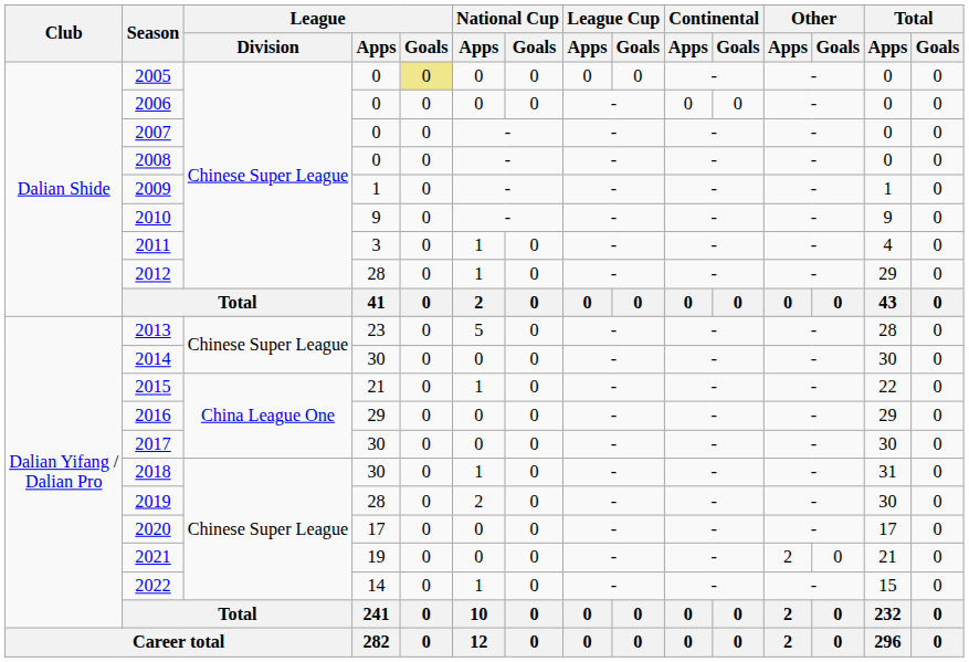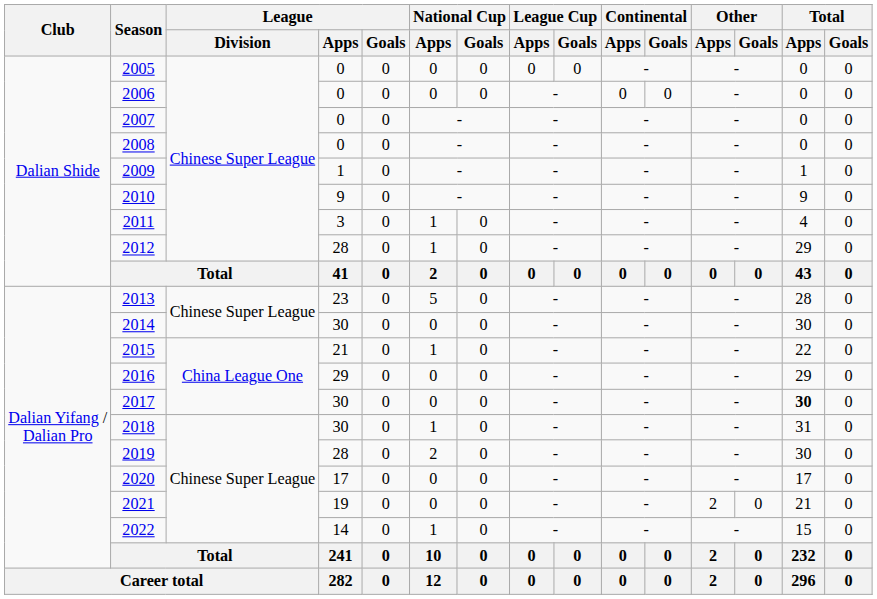 <table class="wikitable" style="text-align: center">
 <tr>
 <th rowspan="2">Club</th>
 <th rowspan="2">Season</th>
 <th colspan="3">League</th>
 <th colspan="2">National Cup</th>
 <th colspan="2">League Cup</th>
 <th colspan="2">Continental</th>
 <th colspan="2">Other</th>
 <th colspan="2">Total</th>
 </tr>
 <tr>
 <th>Division</th>
 <th>Apps</th>
 <th>Goals</th>
 <th>Apps</th>
 <th>Goals</th>
 <th>Apps</th>
 <th>Goals</th>
 <th>Apps</th>
 <th>Goals</th>
 <th>Apps</th>
 <th>Goals</th>
 <th>Apps</th>
 <th>Goals</th>
 </tr>
 <tr>
 <td rowspan="9"><a href='#'>Dalian Shide</a></td>
 <td><a href='#'>2005</a></td>
 <td rowspan="8"><a href='#'>Chinese Super League</a></td>
 <td>0</td>
-<td style="background: khaki;">0</td>
+<td>0</td>
 <td>0</td>
 <td>0</td>
 <td>0</td>
 <td>0</td>
 <td colspan="2">-</td>
 <td colspan="2">-</td>
 <td>0</td>
 <td>0</td>
 </tr>
 <tr>
 <td><a href='#'>2006</a></td>
 <td>0</td>
 <td>0</td>
 <td>0</td>
 <td>0</td>
 <td colspan="2">-</td>
 <td>0</td>
 <td>0</td>
 <td colspan="2">-</td>
 <td>0</td>
 <td>0</td>
 </tr>
 <tr>
 <td><a href='#'>2007</a></td>
 <td>0</td>
 <td>0</td>
 <td colspan="2">-</td>
 <td colspan="2">-</td>
 <td colspan="2">-</td>
 <td colspan="2">-</td>
 <td>0</td>
 <td>0</td>
 </tr>
 <tr>
 <td><a href='#'>2008</a></td>
 <td>0</td>
 <td>0</td>
 <td colspan="2">-</td>
 <td colspan="2">-</td>
 <td colspan="2">-</td>
 <td colspan="2">-</td>
 <td>0</td>
 <td>0</td>
 </tr>
 <tr>
 <td><a href='#'>2009</a></td>
 <td>1</td>
 <td>0</td>
 <td colspan="2">-</td>
 <td colspan="2">-</td>
 <td colspan="2">-</td>
 <td colspan="2">-</td>
 <td>1</td>
 <td>0</td>
 </tr>
 <tr>
 <td><a href='#'>2010</a></td>
 <td>9</td>
 <td>0</td>
 <td colspan="2">-</td>
 <td colspan="2">-</td>
 <td colspan="2">-</td>
 <td colspan="2">-</td>
 <td>9</td>
 <td>0</td>
 </tr>
 <tr>
 <td><a href='#'>2011</a></td>
 <td>3</td>
 <td>0</td>
 <td>1</td>
 <td>0</td>
 <td colspan="2">-</td>
 <td colspan="2">-</td>
 <td colspan="2">-</td>
 <td>4</td>
 <td>0</td>
 </tr>
 <tr>
 <td><a href='#'>2012</a></td>
 <td>28</td>
 <td>0</td>
 <td>1</td>
 <td>0</td>
 <td colspan="2">-</td>
 <td colspan="2">-</td>
 <td colspan="2">-</td>
 <td>29</td>
 <td>0</td>
 </tr>
 <tr>
 <th colspan="2">Total</th>
 <th>41</th>
 <th>0</th>
 <th>2</th>
 <th>0</th>
 <th>0</th>
 <th>0</th>
 <th>0</th>
 <th>0</th>
 <th>0</th>
 <th>0</th>
 <th>43</th>
 <th>0</th>
 </tr>
 <tr>
 <td rowspan="11"><a href='#'>Dalian Yifang</a> /<br><a href='#'>Dalian Pro</a></td>
 <td><a href='#'>2013</a></td>
 <td rowspan="2">Chinese Super League</td>
 <td>23</td>
 <td>0</td>
 <td>5</td>
 <td>0</td>
 <td colspan="2">-</td>
 <td colspan="2">-</td>
 <td colspan="2">-</td>
 <td>28</td>
 <td>0</td>
 </tr>
 <tr>
 <td><a href='#'>2014</a></td>
 <td>30</td>
 <td>0</td>
 <td>0</td>
 <td>0</td>
 <td colspan="2">-</td>
 <td colspan="2">-</td>
 <td colspan="2">-</td>
 <td>30</td>
 <td>0</td>
 </tr>
 <tr>
 <td><a href='#'>2015</a></td>
 <td rowspan="3"><a href='#'>China League One</a></td>
 <td>21</td>
 <td>0</td>
 <td>1</td>
 <td>0</td>
 <td colspan="2">-</td>
 <td colspan="2">-</td>
 <td colspan="2">-</td>
 <td>22</td>
 <td>0</td>
 </tr>
 <tr>
 <td><a href='#'>2016</a></td>
 <td>29</td>
 <td>0</td>
 <td>0</td>
 <td>0</td>
 <td colspan="2">-</td>
 <td colspan="2">-</td>
 <td colspan="2">-</td>
 <td>29</td>
 <td>0</td>
 </tr>
 <tr>
 <td><a href='#'>2017</a></td>
 <td>30</td>
 <td>0</td>
 <td>0</td>
 <td>0</td>
 <td colspan="2">-</td>
 <td colspan="2">-</td>
 <td colspan="2">-</td>
-<td>30</td>
+<td><strong>30</strong></td>
 <td>0</td>
 </tr>
 <tr>
 <td><a href='#'>2018</a></td>
 <td rowspan="5">Chinese Super League</td>
 <td>30</td>
 <td>0</td>
 <td>1</td>
 <td>0</td>
 <td colspan="2">-</td>
 <td colspan="2">-</td>
 <td colspan="2">-</td>
 <td>31</td>
 <td>0</td>
 </tr>
 <tr>
 <td><a href='#'>2019</a></td>
 <td>28</td>
 <td>0</td>
 <td>2</td>
 <td>0</td>
 <td colspan="2">-</td>
 <td colspan="2">-</td>
 <td colspan="2">-</td>
 <td>30</td>
 <td>0</td>
 </tr>
 <tr>
 <td><a href='#'>2020</a></td>
 <td>17</td>
 <td>0</td>
 <td>0</td>
 <td>0</td>
 <td colspan="2">-</td>
 <td colspan="2">-</td>
 <td colspan="2">-</td>
 <td>17</td>
 <td>0</td>
 </tr>
 <tr>
 <td><a href='#'>2021</a></td>
 <td>19</td>
 <td>0</td>
 <td>0</td>
 <td>0</td>
 <td colspan="2">-</td>
 <td colspan="2">-</td>
 <td>2</td>
 <td>0</td>
 <td>21</td>
 <td>0</td>
 </tr>
 <tr>
 <td><a href='#'>2022</a></td>
 <td>14</td>
 <td>0</td>
 <td>1</td>
 <td>0</td>
 <td colspan="2">-</td>
 <td colspan="2">-</td>
 <td colspan="2">-</td>
 <td>15</td>
 <td>0</td>
 </tr>
 <tr>
 <th colspan="2">Total</th>
 <th>241</th>
 <th>0</th>
 <th>10</th>
 <th>0</th>
 <th>0</th>
 <th>0</th>
 <th>0</th>
 <th>0</th>
 <th>2</th>
 <th>0</th>
 <th>232</th>
 <th>0</th>
 </tr>
 <tr>
 <th colspan=3>Career total</th>
 <th>282</th>
 <th>0</th>
 <th>12</th>
 <th>0</th>
 <th>0</th>
 <th>0</th>
 <th>0</th>
 <th>0</th>
 <th>2</th>
 <th>0</th>
 <th>296</th>
 <th>0</th>
 </tr>
 </table>
